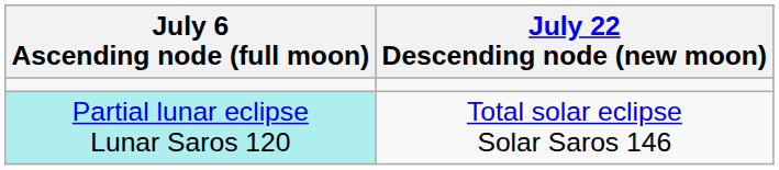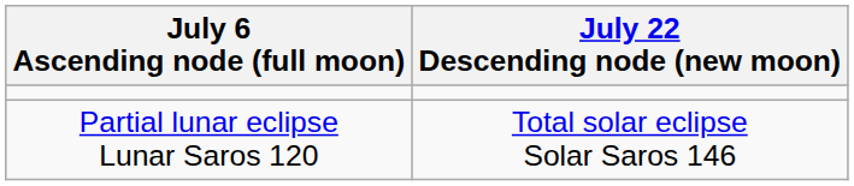 <table class="wikitable">
 <tr>
 <th>July 6<br>Ascending node (full moon)<br></th>
 <th><a href='#'>July 22</a><br>Descending node (new moon)<br></th>
 </tr>
 <tr>
 <td></td>
 <td></td>
 </tr>
 <tr align=center>
-<td style="background: paleturquoise;"><a href='#'>Partial lunar eclipse</a><br>Lunar Saros 120</td>
+<td><a href='#'>Partial lunar eclipse</a><br>Lunar Saros 120</td>
 <td><a href='#'>Total solar eclipse</a><br>Solar Saros 146</td>
 </tr>
 </table>
